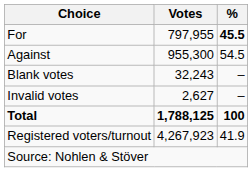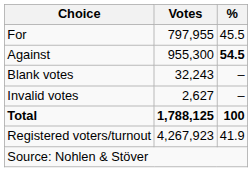 <table class=wikitable style=text-align:right>
 <tr>
 <th>Choice</th>
 <th>Votes</th>
 <th>%</th>
 </tr>
 <tr>
 <td align=left>For</td>
 <td>797,955</td>
-<td><strong>45.5</strong></td>
+<td>45.5</td>
 </tr>
 <tr>
 <td align=left>Against</td>
 <td>955,300</td>
-<td>54.5</td>
+<td><strong>54.5</strong></td>
 </tr>
 <tr>
 <td align=left>Blank votes</td>
 <td>32,243</td>
 <td>–</td>
 </tr>
 <tr>
 <td align=left>Invalid votes</td>
 <td>2,627</td>
 <td>–</td>
 </tr>
 <tr>
 <td align=left><strong>Total</strong></td>
 <td><strong>1,788,125</strong></td>
 <td><strong>100</strong></td>
 </tr>
 <tr>
 <td align=left>Registered voters/turnout</td>
 <td>4,267,923</td>
 <td>41.9</td>
 </tr>
 <tr>
 <td align=left colspan=3>Source: Nohlen & Stöver</td>
 </tr>
 </table>
